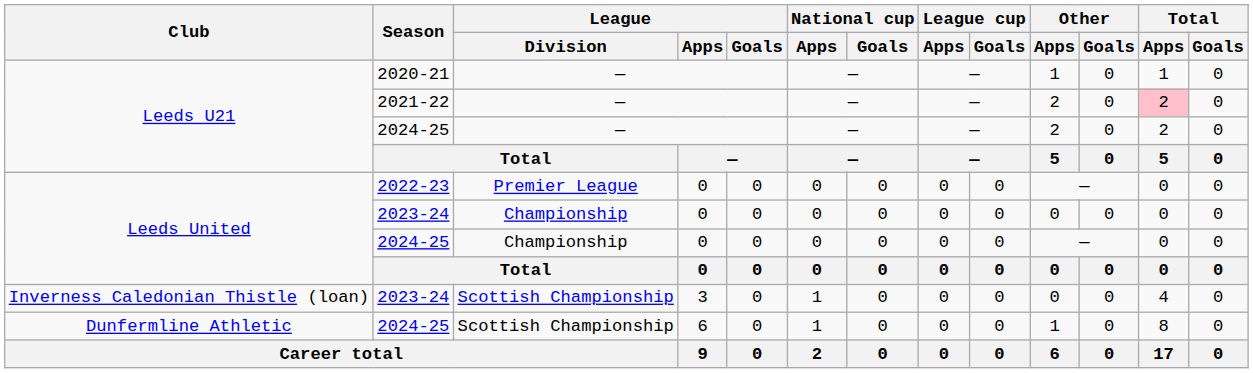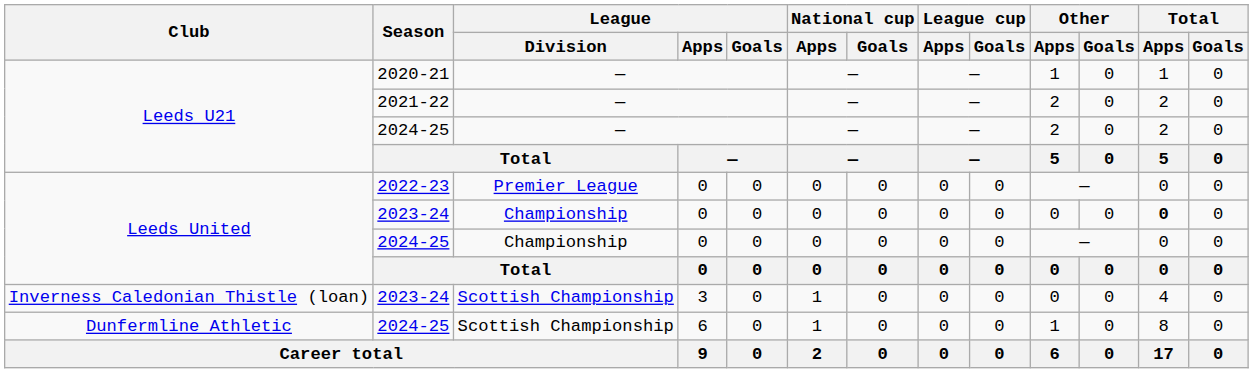 <table class="wikitable" style="text-align: center">
 <tr>
 <th rowspan="2">Club</th>
 <th rowspan="2">Season</th>
 <th colspan="3">League</th>
 <th colspan="2">National cup</th>
 <th colspan="2">League cup</th>
 <th colspan="2">Other</th>
 <th colspan="2">Total</th>
 </tr>
 <tr>
 <th>Division</th>
 <th>Apps</th>
 <th>Goals</th>
 <th>Apps</th>
 <th>Goals</th>
 <th>Apps</th>
 <th>Goals</th>
 <th>Apps</th>
 <th>Goals</th>
 <th>Apps</th>
 <th>Goals</th>
 </tr>
 <tr>
 <td rowspan="4"><a href='#'>Leeds U21</a></td>
 <td>2020-21</td>
 <td colspan="3">—</td>
 <td colspan="2">—</td>
 <td colspan="2">—</td>
 <td>1</td>
 <td>0</td>
 <td>1</td>
 <td>0</td>
 </tr>
 <tr>
 <td>2021-22</td>
 <td colspan="3">—</td>
 <td colspan="2">—</td>
 <td colspan="2">—</td>
 <td>2</td>
 <td>0</td>
-<td style="background: pink;">2</td>
+<td>2</td>
 <td>0</td>
 </tr>
 <tr>
 <td>2024-25</td>
 <td colspan="3">—</td>
 <td colspan="2">—</td>
 <td colspan="2">—</td>
 <td>2</td>
 <td>0</td>
 <td>2</td>
 <td>0</td>
 </tr>
 <tr>
 <th colspan="2">Total</th>
 <th colspan="2">—</th>
 <th colspan="2">—</th>
 <th colspan="2">—</th>
 <th>5</th>
 <th>0</th>
 <th>5</th>
 <th>0</th>
 </tr>
 <tr>
 <td rowspan="4"><a href='#'>Leeds United</a></td>
 <td><a href='#'>2022-23</a></td>
 <td><a href='#'>Premier League</a></td>
 <td>0</td>
 <td>0</td>
 <td>0</td>
 <td>0</td>
 <td>0</td>
 <td>0</td>
 <td colspan="2">—</td>
 <td>0</td>
 <td>0</td>
 </tr>
 <tr>
 <td><a href='#'>2023-24</a></td>
 <td><a href='#'>Championship</a></td>
 <td>0</td>
 <td>0</td>
 <td>0</td>
 <td>0</td>
 <td>0</td>
 <td>0</td>
 <td>0</td>
 <td>0</td>
-<td>0</td>
+<td><strong>0</strong></td>
 <td>0</td>
 </tr>
 <tr>
 <td><a href='#'>2024-25</a></td>
 <td>Championship</td>
 <td>0</td>
 <td>0</td>
 <td>0</td>
 <td>0</td>
 <td>0</td>
 <td>0</td>
 <td colspan="2">—</td>
 <td>0</td>
 <td>0</td>
 </tr>
 <tr>
 <th colspan="2">Total</th>
 <th>0</th>
 <th>0</th>
 <th>0</th>
 <th>0</th>
 <th>0</th>
 <th>0</th>
 <th>0</th>
 <th>0</th>
 <th>0</th>
 <th>0</th>
 </tr>
 <tr>
 <td><a href='#'>Inverness Caledonian Thistle</a> (loan)</td>
 <td><a href='#'>2023-24</a></td>
 <td><a href='#'>Scottish Championship</a></td>
 <td>3</td>
 <td>0</td>
 <td>1</td>
 <td>0</td>
 <td>0</td>
 <td>0</td>
 <td>0</td>
 <td>0</td>
 <td>4</td>
 <td>0</td>
 </tr>
 <tr>
 <td><a href='#'>Dunfermline Athletic</a></td>
 <td><a href='#'>2024-25</a></td>
 <td>Scottish Championship</td>
 <td>6</td>
 <td>0</td>
 <td>1</td>
 <td>0</td>
 <td>0</td>
 <td>0</td>
 <td>1</td>
 <td>0</td>
 <td>8</td>
 <td>0</td>
 </tr>
 <tr>
 <th colspan="3">Career total</th>
 <th>9</th>
 <th>0</th>
 <th>2</th>
 <th>0</th>
 <th>0</th>
 <th>0</th>
 <th>6</th>
 <th>0</th>
 <th>17</th>
 <th>0</th>
 </tr>
 </table>
